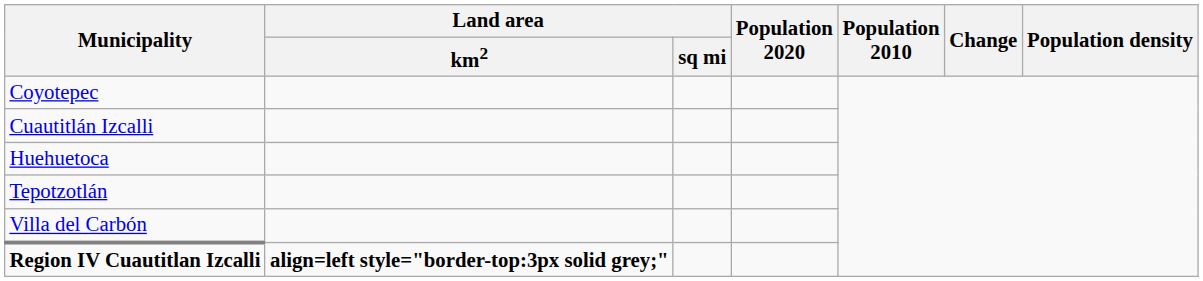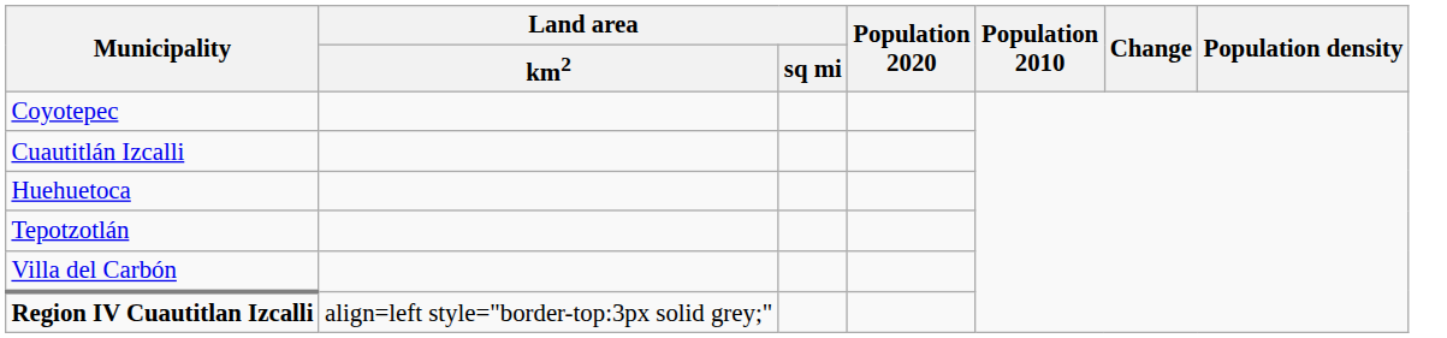 <table class="wikitable sortable" style="text-align:right;">
 <tr>
 <th scope="col"  rowspan=2>Municipality</th>
 <th scope="col" data-sort-type="number"  colspan=2>Land area</th>
 <th scope="col"  rowspan=2>Population<br>2020</th>
 <th scope="col"  rowspan=2>Population<br>2010</th>
 <th scope="col"  rowspan=2>Change</th>
 <th scope="col"  rowspan=2>Population density</th>
 </tr>
 <tr>
 <th>km<sup>2</sup></th>
 <th>sq mi</th>
 </tr>
 <tr>
 <td align=left><a href='#'>Coyotepec</a></td>
 <td></td>
 <td></td>
 <td></td>
 </tr>
 <tr>
 <td align=left><a href='#'>Cuautitlán Izcalli</a></td>
 <td></td>
 <td></td>
 <td></td>
 </tr>
 <tr>
 <td align=left><a href='#'>Huehuetoca</a></td>
 <td></td>
 <td></td>
 <td></td>
 </tr>
 <tr>
 <td align=left><a href='#'>Tepotzotlán</a></td>
 <td></td>
 <td></td>
 <td></td>
 </tr>
 <tr>
 <td align=left><a href='#'>Villa del Carbón</a></td>
 <td></td>
 <td></td>
 <td></td>
 </tr>
 <tr>
 <td align=left style="border-top:3px solid grey;"><strong>Region IV Cuautitlan Izcalli</strong></td>
-<td><strong>align=left style="border-top:3px solid grey;" </strong></td>
+<td>align=left style="border-top:3px solid grey;" </td>
 <td></td>
 <td></td>
 </tr>
 </table>
